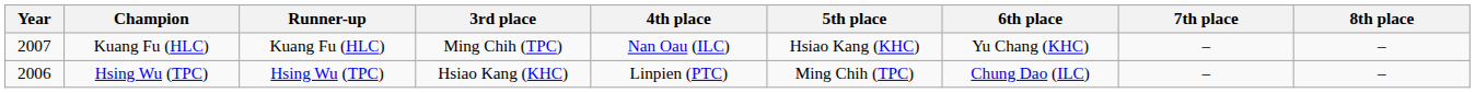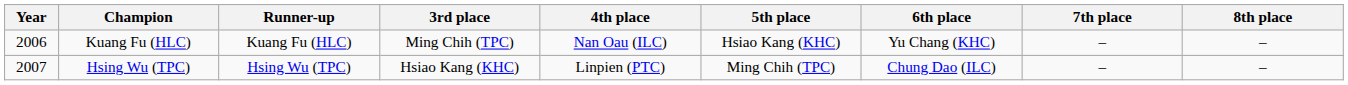 <table class="wikitable" style="font-size:90%; text-align:center; width:100%;">
 <tr>
 <th width="4%">Year</th>
 <th width="12%">Champion</th>
 <th width="12%">Runner-up</th>
 <th width="12%">3rd place</th>
 <th width="12%">4th place</th>
 <th width="12%">5th place</th>
 <th width="12%">6th place</th>
 <th width="12%">7th place</th>
 <th width="12%">8th place</th>
 </tr>
 <tr>
-<td>2007</td>
+<td>2006</td>
 <td>Kuang Fu (<a href='#'>HLC</a>)</td>
 <td>Kuang Fu (<a href='#'>HLC</a>)</td>
 <td>Ming Chih (<a href='#'>TPC</a>)</td>
 <td><a href='#'>Nan Oau</a> (<a href='#'>ILC</a>)</td>
 <td>Hsiao Kang (<a href='#'>KHC</a>)</td>
 <td>Yu Chang (<a href='#'>KHC</a>)</td>
 <td>–</td>
 <td>–</td>
 </tr>
 <tr>
-<td>2006</td>
+<td>2007</td>
 <td><a href='#'>Hsing Wu</a> (<a href='#'>TPC</a>)</td>
 <td><a href='#'>Hsing Wu</a> (<a href='#'>TPC</a>)</td>
 <td>Hsiao Kang (<a href='#'>KHC</a>)</td>
 <td>Linpien (<a href='#'>PTC</a>)</td>
 <td>Ming Chih (<a href='#'>TPC</a>)</td>
 <td><a href='#'>Chung Dao</a> (<a href='#'>ILC</a>)</td>
 <td>–</td>
 <td>–</td>
 </tr>
 </table>
